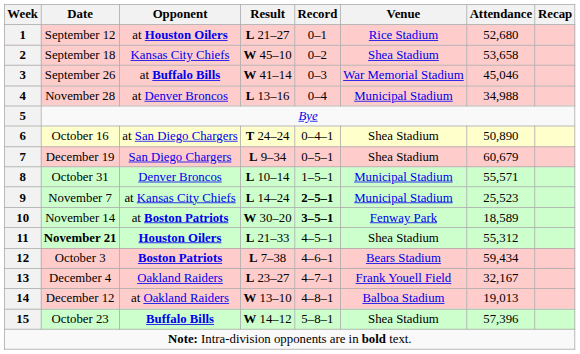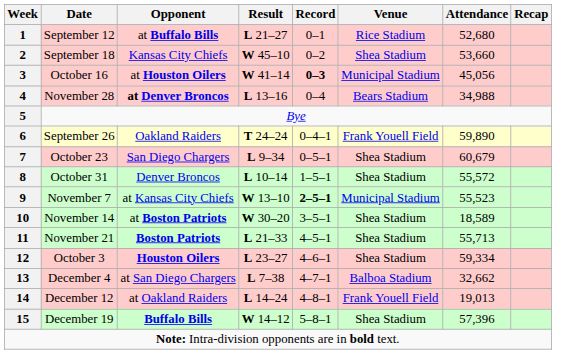 <table class="wikitable" style="text-align:center">
 <tr>
 <th>Week</th>
 <th>Date</th>
 <th>Opponent</th>
 <th>Result</th>
 <th>Record</th>
 <th>Venue</th>
 <th>Attendance</th>
 <th>Recap</th>
 </tr>
 <tr style="background:#fcc">
 <th>1</th>
 <td>September 12</td>
-<td>at <strong><a href='#'>Houston Oilers</a></strong></td>
+<td>at <strong><a href='#'>Buffalo Bills</a></strong></td>
 <td><strong>L</strong> 21–27</td>
 <td>0–1</td>
 <td><a href='#'>Rice Stadium</a></td>
 <td>52,680</td>
 <td></td>
 </tr>
 <tr style="background:#fcc">
 <th>2</th>
 <td>September 18</td>
 <td><a href='#'>Kansas City Chiefs</a></td>
 <td><strong>W</strong> 45–10</td>
 <td>0–2</td>
 <td><a href='#'>Shea Stadium</a></td>
-<td>53,658</td>
+<td>53,660</td>
 <td></td>
 </tr>
 <tr style="background:#fcc">
 <th>3</th>
-<td>September 26</td>
-<td>at <strong><a href='#'>Buffalo Bills</a></strong></td>
+<td>October 16</td>
+<td>at <strong><a href='#'>Houston Oilers</a></strong></td>
 <td><strong>W</strong> 41–14</td>
-<td>0–3</td>
-<td><a href='#'>War Memorial Stadium</a></td>
-<td>45,046</td>
+<td><strong>0–3</strong></td>
+<td><a href='#'>Municipal Stadium</a></td>
+<td>45,056</td>
 <td></td>
 </tr>
 <tr style="background:#fcc">
 <th>4</th>
 <td>November 28</td>
-<td>at <a href='#'>Denver Broncos</a></td>
+<td><strong>at <a href='#'>Denver Broncos</a></strong></td>
 <td><strong>L</strong> 13–16</td>
 <td>0–4</td>
-<td><a href='#'>Municipal Stadium</a></td>
+<td><a href='#'>Bears Stadium</a></td>
 <td>34,988</td>
 <td></td>
 </tr>
 <tr>
 <th>5</th>
 <td align=center colspan=7><em><a href='#'>Bye</a></em></td>
 </tr>
 <tr style="background:#ffc">
 <th>6</th>
-<td>October 16</td>
-<td>at <a href='#'>San Diego Chargers</a></td>
+<td>September 26</td>
+<td><a href='#'>Oakland Raiders</a></td>
 <td><strong>T</strong> 24–24</td>
 <td>0–4–1</td>
-<td>Shea Stadium</td>
-<td>50,890</td>
+<td><a href='#'>Frank Youell Field</a></td>
+<td>59,890</td>
 <td></td>
 </tr>
 <tr style="background:#fcc">
 <th>7</th>
-<td>December 19</td>
+<td>October 23</td>
 <td><a href='#'>San Diego Chargers</a></td>
 <td><strong>L</strong> 9–34</td>
 <td>0–5–1</td>
 <td>Shea Stadium</td>
 <td>60,679</td>
 <td></td>
 </tr>
 <tr style="background:#cfc">
 <th>8</th>
 <td>October 31</td>
 <td><a href='#'>Denver Broncos</a></td>
 <td><strong>L</strong> 10–14</td>
 <td>1–5–1</td>
-<td><a href='#'>Municipal Stadium</a></td>
-<td>55,571</td>
+<td>Shea Stadium</td>
+<td>55,572</td>
 <td></td>
 </tr>
 <tr style="background:#cfc">
 <th>9</th>
 <td>November 7</td>
 <td>at <a href='#'>Kansas City Chiefs</a></td>
-<td><strong>L</strong> 14–24</td>
+<td><strong>W</strong> 13–10</td>
 <td><strong>2–5–1</strong></td>
 <td><a href='#'>Municipal Stadium</a></td>
-<td>25,523</td>
+<td>55,523</td>
 <td></td>
 </tr>
 <tr style="background:#cfc">
 <th>10</th>
 <td>November 14</td>
 <td>at <strong><a href='#'>Boston Patriots</a></strong></td>
 <td><strong>W</strong> 30–20</td>
-<td><strong>3–5–1</strong></td>
-<td><a href='#'>Fenway Park</a></td>
+<td>3–5–1</td>
+<td>Shea Stadium</td>
 <td>18,589</td>
 <td></td>
 </tr>
 <tr style="background:#cfc">
 <th>11</th>
-<td><strong>November 21</strong></td>
-<td><strong><a href='#'>Houston Oilers</a></strong></td>
+<td>November 21</td>
+<td><strong><a href='#'>Boston Patriots</a></strong></td>
 <td><strong>L</strong> 21–33</td>
 <td>4–5–1</td>
 <td>Shea Stadium</td>
-<td>55,312</td>
+<td>55,713</td>
 <td></td>
 </tr>
 <tr style="background:#fcc">
 <th>12</th>
 <td>October 3</td>
-<td><strong><a href='#'>Boston Patriots</a></strong></td>
-<td><strong>L</strong> 7–38</td>
+<td><strong><a href='#'>Houston Oilers</a></strong></td>
+<td><strong>L</strong> 23–27</td>
 <td>4–6–1</td>
-<td><a href='#'>Bears Stadium</a></td>
-<td>59,434</td>
+<td>Shea Stadium</td>
+<td>59,334</td>
 <td></td>
 </tr>
 <tr style="background:#fcc">
 <th>13</th>
 <td>December 4</td>
-<td><a href='#'>Oakland Raiders</a></td>
-<td><strong>L</strong> 23–27</td>
+<td>at <a href='#'>San Diego Chargers</a></td>
+<td><strong>L</strong> 7–38</td>
 <td>4–7–1</td>
-<td><a href='#'>Frank Youell Field</a></td>
-<td>32,167</td>
+<td><a href='#'>Balboa Stadium</a></td>
+<td>32,662</td>
 <td></td>
 </tr>
 <tr style="background:#fcc">
 <th>14</th>
 <td>December 12</td>
 <td>at <a href='#'>Oakland Raiders</a></td>
-<td><strong>W</strong> 13–10</td>
+<td><strong>L</strong> 14–24</td>
 <td>4–8–1</td>
-<td><a href='#'>Balboa Stadium</a></td>
+<td><a href='#'>Frank Youell Field</a></td>
 <td>19,013</td>
 <td></td>
 </tr>
 <tr style="background:#cfc">
 <th>15</th>
-<td>October 23</td>
+<td>December 19</td>
 <td><strong><a href='#'>Buffalo Bills</a></strong></td>
 <td><strong>W</strong> 14–12</td>
 <td>5–8–1</td>
 <td>Shea Stadium</td>
 <td>57,396</td>
 <td></td>
 </tr>
 <tr>
 <td colspan="8"><strong>Note:</strong> Intra-division opponents are in <strong>bold</strong> text.</td>
 </tr>
 </table>
